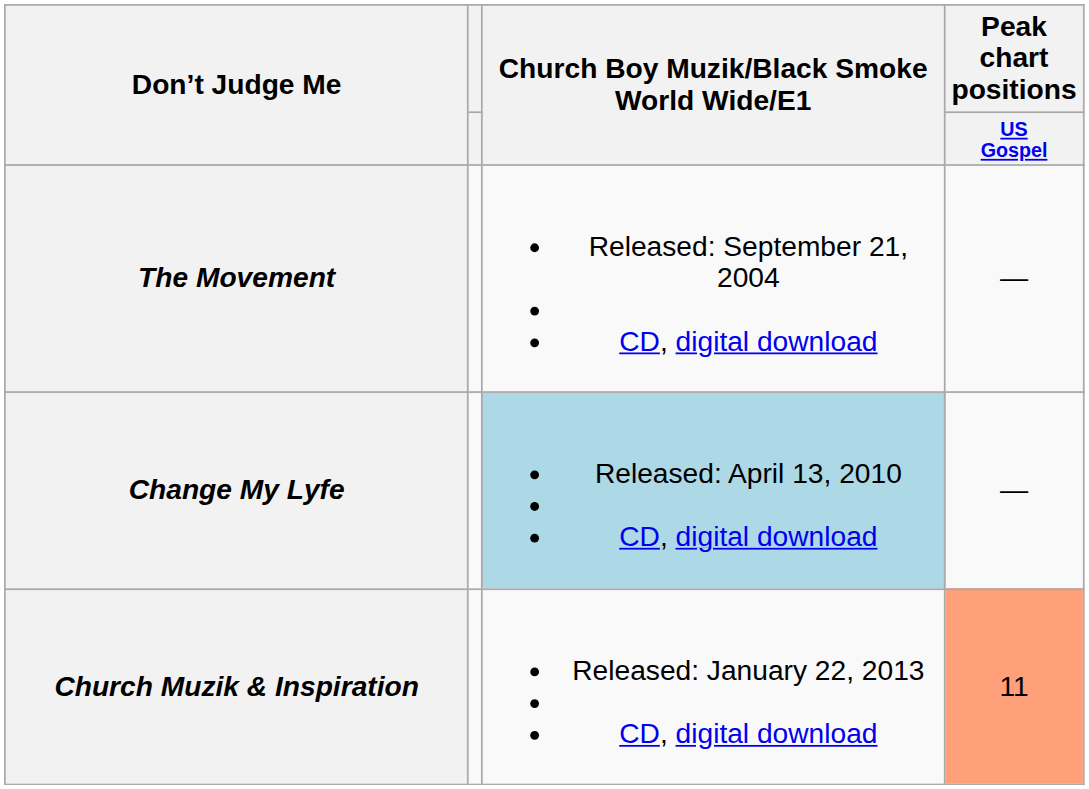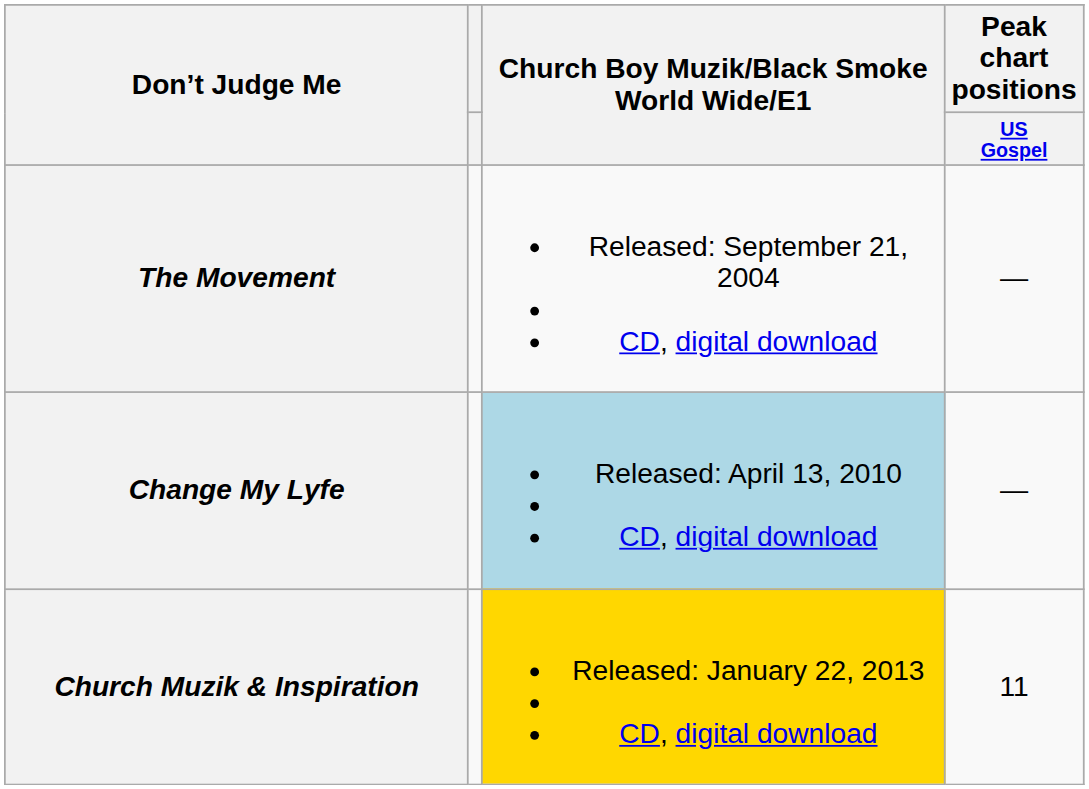 <table class="wikitable plainrowheaders" style="text-align:center;">
 <tr>
 <th scope="col" rowspan="2" style="width:16em;">Don’t Judge Me</th>
 <th></th>
 <th scope="col" rowspan="2" style="width:16em;">Church Boy Muzik/Black Smoke World Wide/E1</th>
 <th scope="col" colspan="2">Peak chart positions</th>
 </tr>
 <tr>
 <th></th>
 <th style="width:3em; font-size:70%"><a href='#'>US<br>Gospel</a></th>
 </tr>
 <tr>
 <th scope="row"><em>The Movement</em></th>
 <td></td>
 <td><br><ul><li>Released: September 21, 2004</li><li></li><li><a href='#'>CD</a>, <a href='#'>digital download</a></li></ul></td>
 <td>—</td>
 </tr>
 <tr>
 <th scope="row"><em>Change My Lyfe</em></th>
 <td></td>
 <td style="background: lightblue;"><br><ul><li>Released: April 13, 2010</li><li></li><li><a href='#'>CD</a>, <a href='#'>digital download</a></li></ul></td>
 <td>—</td>
 </tr>
 <tr>
 <th scope="row"><em>Church Muzik & Inspiration</em></th>
 <td></td>
-<td><br><ul><li>Released: January 22, 2013</li><li></li><li><a href='#'>CD</a>, <a href='#'>digital download</a></li></ul></td>
-<td style="background: lightsalmon;">11</td>
+<td style="background: gold;"><br><ul><li>Released: January 22, 2013</li><li></li><li><a href='#'>CD</a>, <a href='#'>digital download</a></li></ul></td>
+<td>11</td>
 </tr>
 </table>
